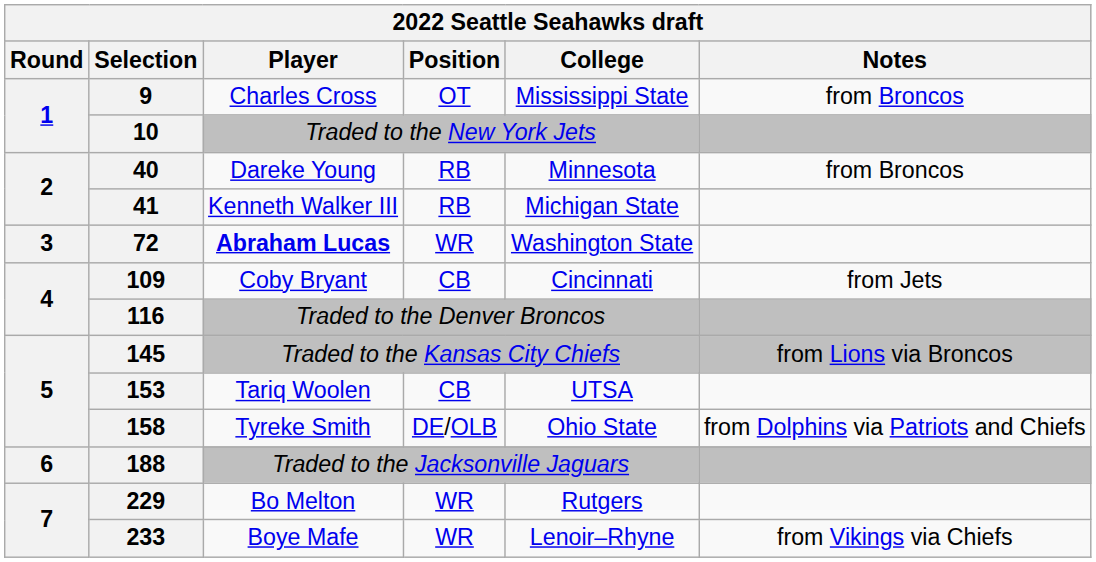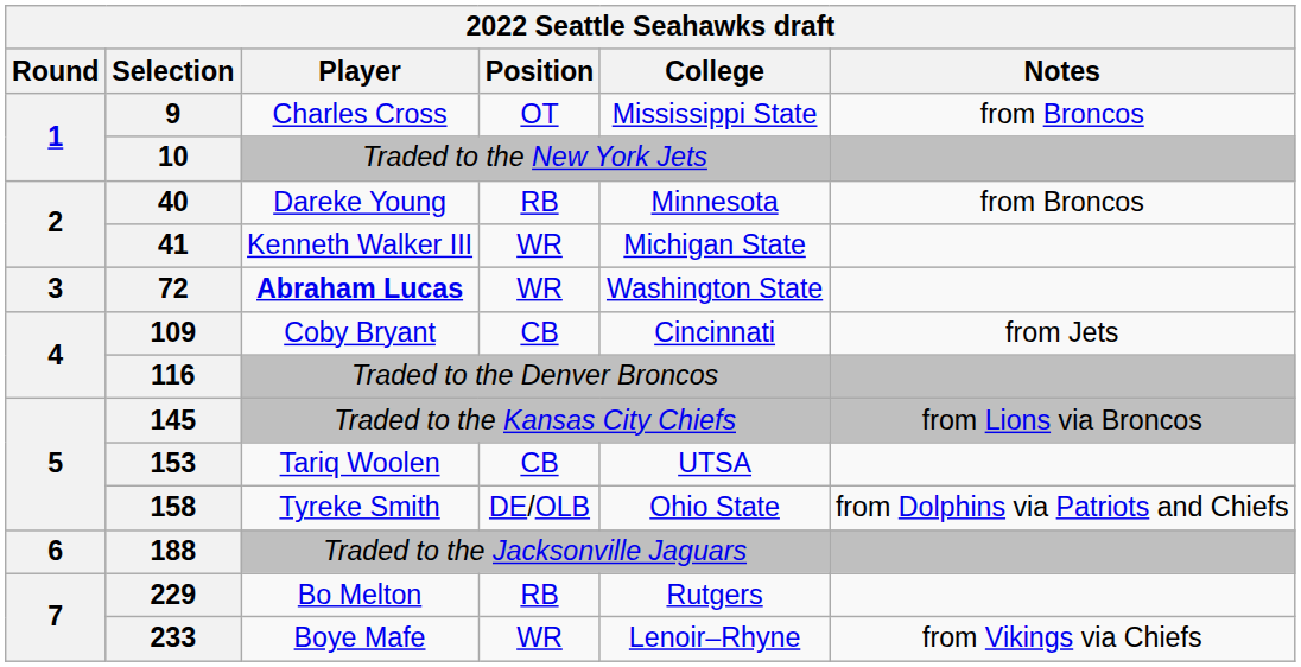 <table class="wikitable" style="text-align:center">
 <tr>
 <th colspan=6>2022 Seattle Seahawks draft</th>
 </tr>
 <tr>
 <th>Round</th>
 <th>Selection</th>
 <th>Player</th>
 <th>Position</th>
 <th>College</th>
 <th>Notes</th>
 </tr>
 <tr>
 <th rowspan="2"><a href='#'>1</a></th>
 <th>9</th>
 <td><a href='#'>Charles Cross</a></td>
 <td><a href='#'>OT</a></td>
 <td><a href='#'>Mississippi State</a></td>
 <td>from <a href='#'>Broncos</a></td>
 </tr>
 <tr>
 <th>10</th>
 <td colspan="3" style="background:#BFBFBF"><em>Traded to the <a href='#'>New York Jets</a></em></td>
 <td style="background:#BFBFBF"></td>
 </tr>
 <tr>
 <th rowspan="2">2</th>
 <th>40</th>
 <td><a href='#'>Dareke Young</a></td>
 <td><a href='#'>RB</a></td>
 <td><a href='#'>Minnesota</a></td>
 <td>from Broncos</td>
 </tr>
 <tr>
 <th>41</th>
 <td><a href='#'>Kenneth Walker III</a></td>
-<td><a href='#'>RB</a></td>
+<td><a href='#'>WR</a></td>
 <td><a href='#'>Michigan State</a></td>
 <td></td>
 </tr>
 <tr>
 <th>3</th>
 <th>72</th>
 <td><strong><a href='#'>Abraham Lucas</a></strong></td>
 <td><a href='#'>WR</a></td>
 <td><a href='#'>Washington State</a></td>
 <td></td>
 </tr>
 <tr>
 <th rowspan="2">4</th>
 <th>109</th>
 <td><a href='#'>Coby Bryant</a></td>
 <td><a href='#'>CB</a></td>
 <td><a href='#'>Cincinnati</a></td>
 <td>from Jets</td>
 </tr>
 <tr>
 <th>116</th>
 <td colspan="3" style="background:#BFBFBF"><em>Traded to the Denver Broncos</em></td>
 <td style="background:#BFBFBF"></td>
 </tr>
 <tr>
 <th rowspan="3">5</th>
 <th>145</th>
 <td colspan="3" style="background:#BFBFBF"><em>Traded to the <a href='#'>Kansas City Chiefs</a></em></td>
 <td style="background:#BFBFBF">from <a href='#'>Lions</a> via Broncos</td>
 </tr>
 <tr>
 <th>153</th>
 <td><a href='#'>Tariq Woolen</a></td>
 <td><a href='#'>CB</a></td>
 <td><a href='#'>UTSA</a></td>
 <td></td>
 </tr>
 <tr>
 <th>158</th>
 <td><a href='#'>Tyreke Smith</a></td>
 <td><a href='#'>DE</a>/<a href='#'>OLB</a></td>
 <td><a href='#'>Ohio State</a></td>
 <td>from <a href='#'>Dolphins</a> via <a href='#'>Patriots</a> and Chiefs</td>
 </tr>
 <tr>
 <th>6</th>
 <th>188</th>
 <td colspan="3" style="background:#BFBFBF"><em>Traded to the <a href='#'>Jacksonville Jaguars</a></em></td>
 <td style="background:#BFBFBF"></td>
 </tr>
 <tr>
 <th rowspan="2">7</th>
 <th>229</th>
 <td><a href='#'>Bo Melton</a></td>
-<td><a href='#'>WR</a></td>
+<td><a href='#'>RB</a></td>
 <td><a href='#'>Rutgers</a></td>
 <td></td>
 </tr>
 <tr>
 <th>233</th>
 <td><a href='#'>Boye Mafe</a></td>
 <td><a href='#'>WR</a></td>
 <td><a href='#'>Lenoir–Rhyne</a></td>
 <td>from <a href='#'>Vikings</a> via Chiefs</td>
 </tr>
 </table>
